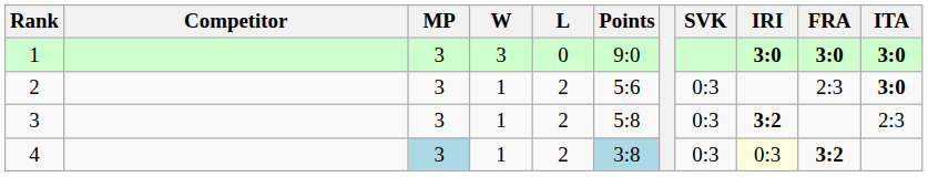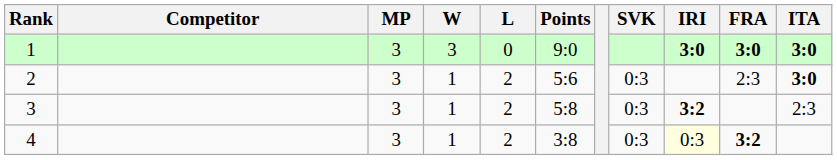 <table class="wikitable" style="text-align:center">
 <tr>
 <th>Rank</th>
 <th style="width:16em">Competitor</th>
 <th style="width:2.5em">MP</th>
 <th style="width:2.5em">W</th>
 <th style="width:2.5em">L</th>
 <th>Points</th>
 <th rowspan="5"> </th>
 <th style="width:2.5em">SVK</th>
 <th style="width:2.5em">IRI</th>
 <th style="width:2.5em">FRA</th>
 <th style="width:2.5em">ITA</th>
 </tr>
 <tr style="background:#cfc;">
 <td>1</td>
 <td style="text-align:left"></td>
 <td>3</td>
 <td>3</td>
 <td>0</td>
 <td>9:0</td>
 <td></td>
 <td><strong>3:0</strong></td>
 <td><strong>3:0</strong></td>
 <td><strong>3:0</strong></td>
 </tr>
 <tr>
 <td>2</td>
 <td style="text-align:left"></td>
 <td>3</td>
 <td>1</td>
 <td>2</td>
 <td>5:6</td>
 <td>0:3</td>
 <td></td>
 <td>2:3</td>
 <td><strong>3:0</strong></td>
 </tr>
 <tr>
 <td>3</td>
 <td style="text-align:left"></td>
 <td>3</td>
 <td>1</td>
 <td>2</td>
 <td>5:8</td>
 <td>0:3</td>
 <td><strong>3:2</strong></td>
 <td></td>
 <td>2:3</td>
 </tr>
 <tr>
 <td>4</td>
 <td style="text-align:left"></td>
-<td style="background: lightblue;">3</td>
+<td>3</td>
 <td>1</td>
 <td>2</td>
-<td style="background: lightblue;">3:8</td>
+<td>3:8</td>
 <td>0:3</td>
 <td style="background: lightyellow;">0:3</td>
 <td><strong>3:2</strong></td>
 <td></td>
 </tr>
 </table>
